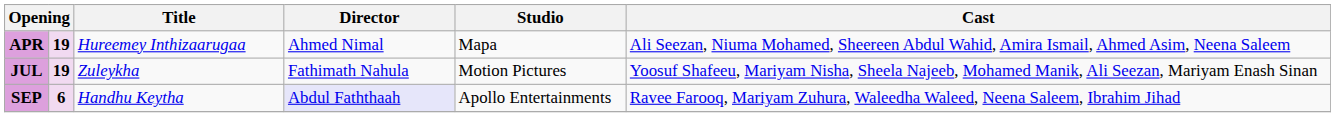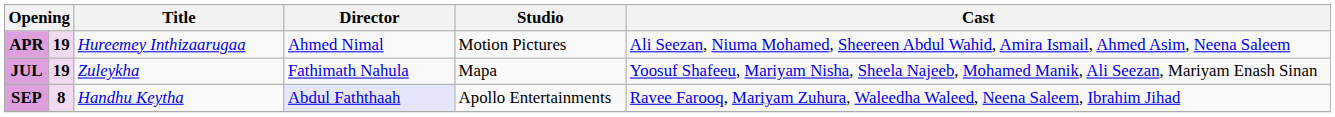 <table class="wikitable plainrowheaders" width="100%">
 <tr>
 <th scope="col" colspan="2" width=4%>Opening</th>
 <th scope="col" width=16%>Title</th>
 <th scope="col" width=13%>Director</th>
 <th scope="col" width=13%>Studio</th>
 <th scope="col" width=58%>Cast</th>
 </tr>
 <tr>
 <td style="text-align:center; background:plum; textcolor:#000;"><strong>APR</strong></td>
 <td style="text-align:center; background:#f1daf1;"><strong>19</strong></td>
 <td><em><a href='#'>Hureemey Inthizaarugaa</a></em></td>
 <td><a href='#'>Ahmed Nimal</a></td>
-<td>Mapa</td>
+<td>Motion Pictures</td>
 <td><a href='#'>Ali Seezan</a>, <a href='#'>Niuma Mohamed</a>, <a href='#'>Sheereen Abdul Wahid</a>, <a href='#'>Amira Ismail</a>, <a href='#'>Ahmed Asim</a>, <a href='#'>Neena Saleem</a></td>
 </tr>
 <tr>
 <td style="text-align:center; background:plum; textcolor:#000;"><strong>JUL</strong></td>
 <td style="text-align:center; background:#f1daf1;"><strong>19</strong></td>
 <td><em><a href='#'>Zuleykha</a></em></td>
 <td><a href='#'>Fathimath Nahula</a></td>
-<td>Motion Pictures</td>
+<td>Mapa</td>
 <td><a href='#'>Yoosuf Shafeeu</a>, <a href='#'>Mariyam Nisha</a>, <a href='#'>Sheela Najeeb</a>, <a href='#'>Mohamed Manik</a>, <a href='#'>Ali Seezan</a>, Mariyam Enash Sinan</td>
 </tr>
 <tr>
 <td style="text-align:center; background:plum; textcolor:#000;"><strong>SEP</strong></td>
-<td style="text-align:center; background:#f1daf1;"><strong>6</strong></td>
+<td style="text-align:center; background:#f1daf1;"><strong>8</strong></td>
 <td><em><a href='#'>Handhu Keytha</a></em></td>
 <td style="background: lavender;"><a href='#'>Abdul Faththaah</a></td>
 <td>Apollo Entertainments</td>
 <td><a href='#'>Ravee Farooq</a>, <a href='#'>Mariyam Zuhura</a>, <a href='#'>Waleedha Waleed</a>, <a href='#'>Neena Saleem</a>, <a href='#'>Ibrahim Jihad</a></td>
 </tr>
 <tr>
 </tr>
 </table>
